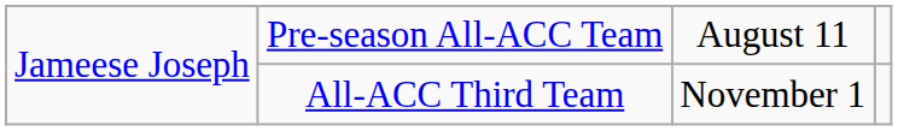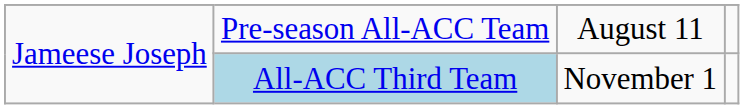 <table class="wikitable sortable" style="text-align: center">
 <tr>
 <td rowspan=2><a href='#'>Jameese Joseph</a></td>
 <td><a href='#'>Pre-season All-ACC Team</a></td>
 <td>August 11</td>
 <td></td>
 </tr>
 <tr>
-<td><a href='#'>All-ACC Third Team</a></td>
+<td style="background: lightblue;"><a href='#'>All-ACC Third Team</a></td>
 <td>November 1</td>
 <td></td>
 </tr>
 </table>
